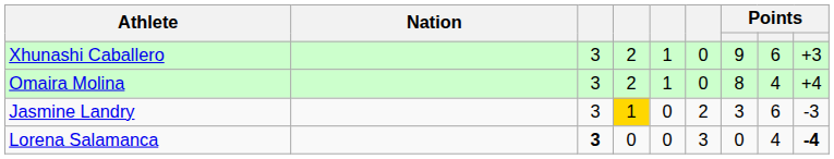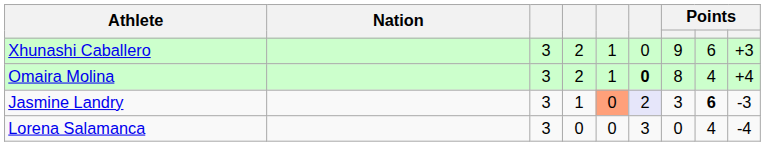 <table class="wikitable" style="text-align: center; font-size:100% ">
 <tr>
 <th rowspan=2 width=250>Athlete</th>
 <th rowspan=2 width=250>Nation</th>
 <th rowspan=2 width=25></th>
 <th rowspan=2 width=25></th>
 <th rowspan=2 width=25></th>
 <th rowspan=2 width=25></th>
 <th colspan=3>Points</th>
 </tr>
 <tr>
 <th width=25></th>
 <th width=25></th>
 <th width=25></th>
 </tr>
 <tr bgcolor="ccffcc">
 <td align=left><a href='#'>Xhunashi Caballero</a></td>
 <td align=left></td>
 <td>3</td>
 <td>2</td>
 <td>1</td>
 <td>0</td>
 <td>9</td>
 <td>6</td>
 <td>+3</td>
 </tr>
 <tr bgcolor="ccffcc">
 <td align=left><a href='#'>Omaira Molina</a></td>
 <td align=left></td>
 <td>3</td>
 <td>2</td>
 <td>1</td>
-<td>0</td>
+<td><strong>0</strong></td>
 <td>8</td>
 <td>4</td>
 <td>+4</td>
 </tr>
 <tr>
 <td align=left><a href='#'>Jasmine Landry</a></td>
 <td align=left></td>
 <td>3</td>
-<td style="background: gold;">1</td>
-<td>0</td>
-<td>2</td>
+<td>1</td>
+<td style="background: lightsalmon;">0</td>
+<td style="background: lavender;">2</td>
 <td>3</td>
-<td>6</td>
+<td><strong>6</strong></td>
 <td>-3</td>
 </tr>
 <tr>
 <td align=left><a href='#'>Lorena Salamanca</a></td>
 <td align=left></td>
-<td><strong>3</strong></td>
+<td>3</td>
 <td>0</td>
 <td>0</td>
 <td>3</td>
 <td>0</td>
 <td>4</td>
-<td><strong>-4</strong></td>
+<td>-4</td>
 </tr>
 </table>
